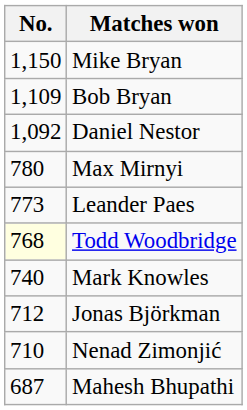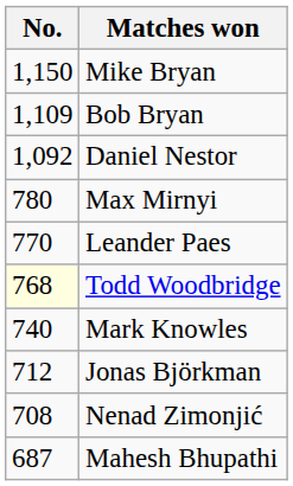 <table class="wikitable" style="display: inline-table;">
 <tr>
 <th>No.</th>
 <th>Matches won</th>
 </tr>
 <tr>
 <td>1,150</td>
 <td> Mike Bryan</td>
 </tr>
 <tr>
 <td>1,109</td>
 <td> Bob Bryan</td>
 </tr>
 <tr>
 <td>1,092</td>
 <td> Daniel Nestor</td>
 </tr>
 <tr>
 <td>780</td>
 <td> Max Mirnyi</td>
 </tr>
 <tr>
-<td>773</td>
+<td>770</td>
 <td> Leander Paes</td>
 </tr>
 <tr>
 <td style="background: lightyellow;">768 </td>
 <td> <a href='#'>Todd Woodbridge</a></td>
 </tr>
 <tr>
 <td>740</td>
 <td> Mark Knowles</td>
 </tr>
 <tr>
 <td>712</td>
 <td> Jonas Björkman</td>
 </tr>
 <tr>
-<td>710</td>
+<td>708</td>
 <td> Nenad Zimonjić</td>
 </tr>
 <tr>
 <td>687</td>
 <td> Mahesh Bhupathi</td>
 </tr>
 </table>
